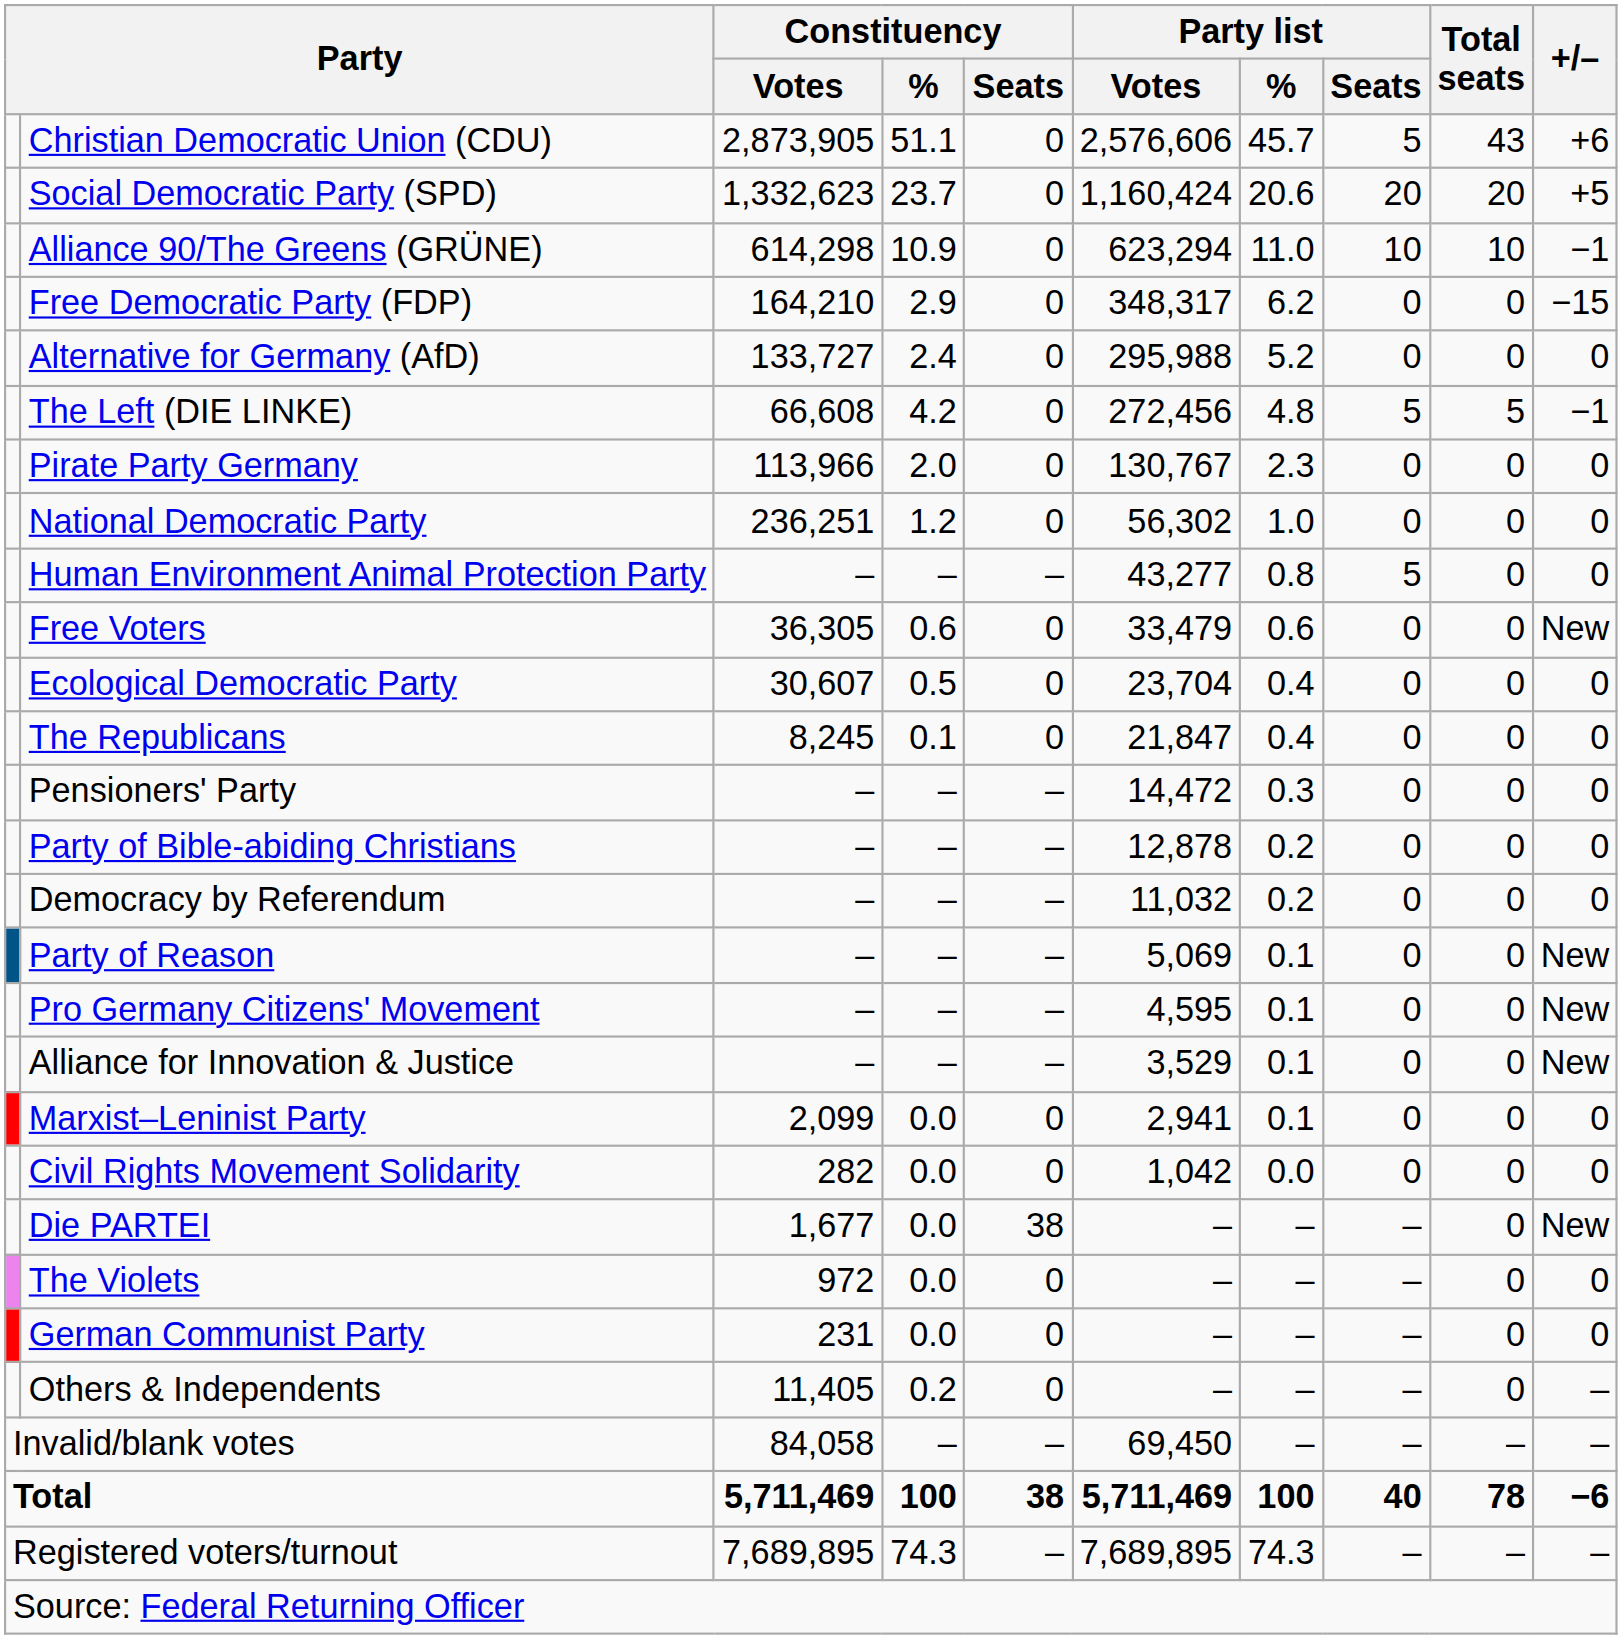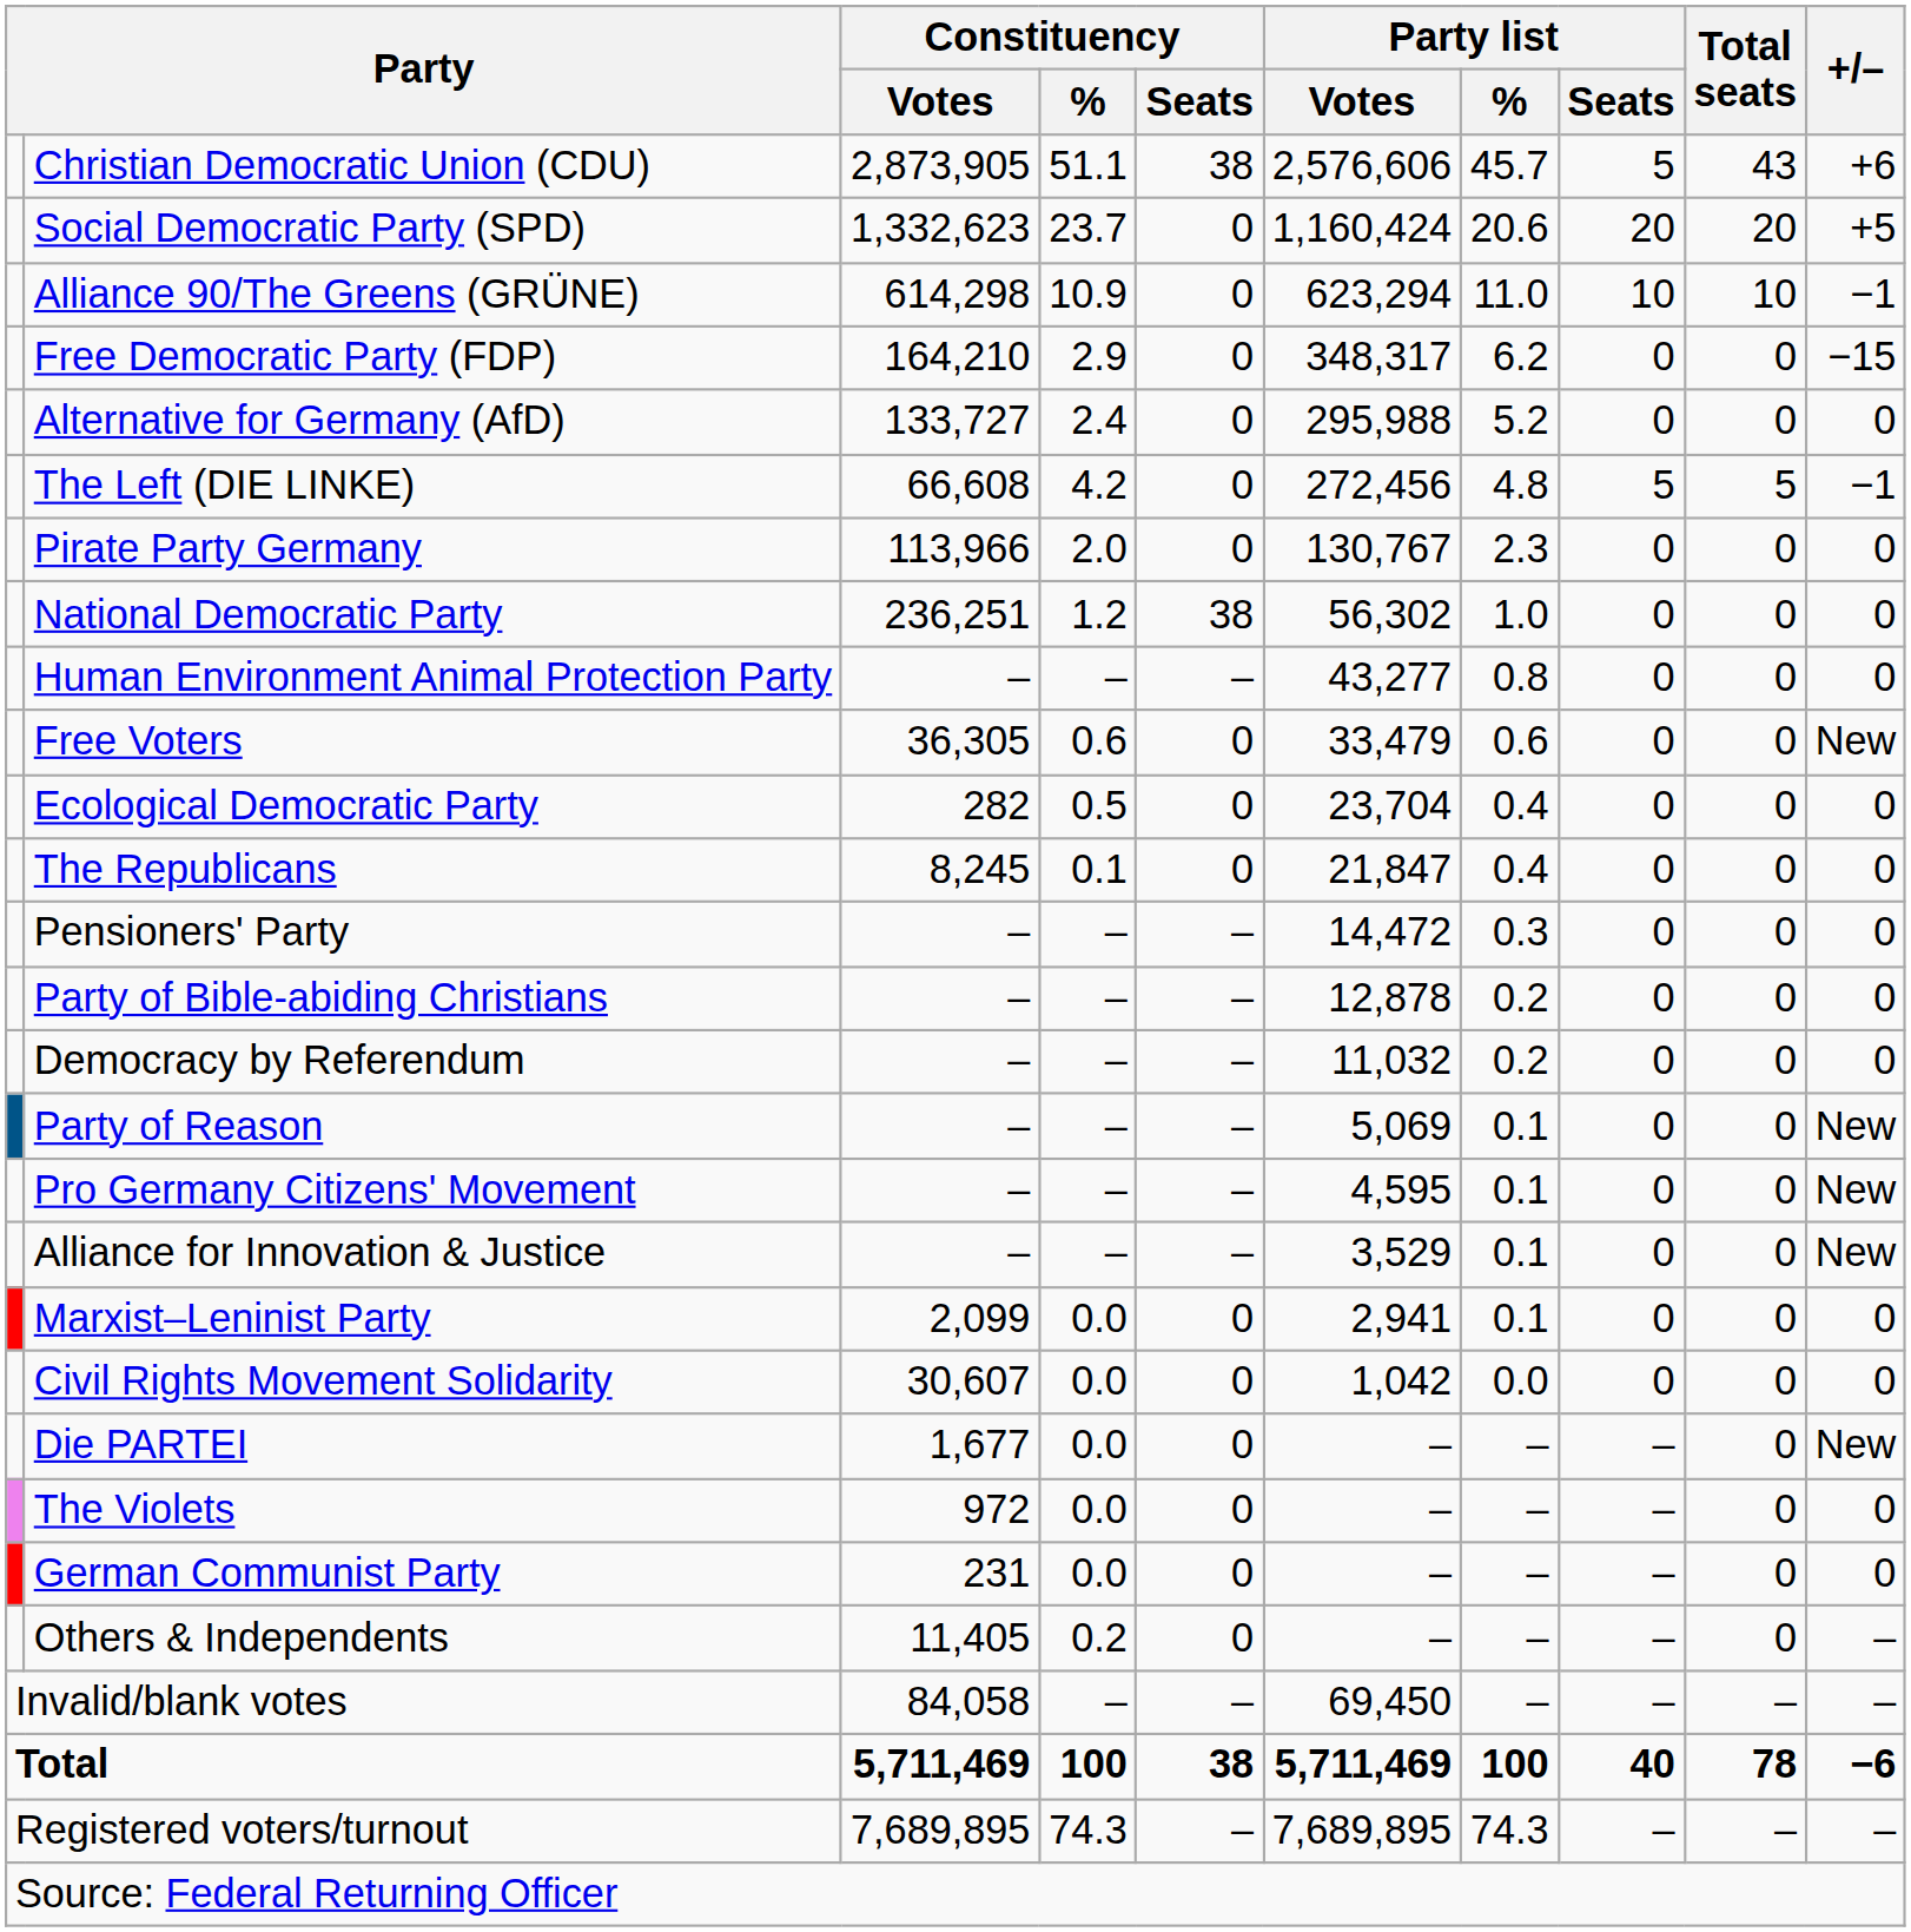 <table class="wikitable" style="text-align:right">
 <tr>
 <th colspan="2" rowspan="2">Party</th>
 <th colspan="3">Constituency</th>
 <th colspan="3">Party list</th>
 <th rowspan="2">Total<br>seats</th>
 <th rowspan="2">+/–</th>
 </tr>
 <tr>
 <th>Votes</th>
 <th>%</th>
 <th>Seats</th>
 <th>Votes</th>
 <th>%</th>
 <th>Seats</th>
 </tr>
 <tr>
 <td></td>
 <td align="left"><a href='#'>Christian Democratic Union</a> (CDU)</td>
 <td>2,873,905</td>
 <td>51.1</td>
-<td>0</td>
+<td>38</td>
 <td>2,576,606</td>
 <td>45.7</td>
 <td>5</td>
 <td>43</td>
 <td>+6</td>
 </tr>
 <tr>
 <td></td>
 <td align="left"><a href='#'>Social Democratic Party</a> (SPD)</td>
 <td>1,332,623</td>
 <td>23.7</td>
 <td>0</td>
 <td>1,160,424</td>
 <td>20.6</td>
 <td>20</td>
 <td>20</td>
 <td>+5</td>
 </tr>
 <tr>
 <td></td>
 <td align="left"><a href='#'>Alliance 90/The Greens</a> (GRÜNE)</td>
 <td>614,298</td>
 <td>10.9</td>
 <td>0</td>
 <td>623,294</td>
 <td>11.0</td>
 <td>10</td>
 <td>10</td>
 <td>−1</td>
 </tr>
 <tr>
 <td></td>
 <td align="left"><a href='#'>Free Democratic Party</a> (FDP)</td>
 <td>164,210</td>
 <td>2.9</td>
 <td>0</td>
 <td>348,317</td>
 <td>6.2</td>
 <td>0</td>
 <td>0</td>
 <td>−15</td>
 </tr>
 <tr>
 <td></td>
 <td align="left"><a href='#'>Alternative for Germany</a> (AfD)</td>
 <td>133,727</td>
 <td>2.4</td>
 <td>0</td>
 <td>295,988</td>
 <td>5.2</td>
 <td>0</td>
 <td>0</td>
 <td>0</td>
 </tr>
 <tr>
 <td></td>
 <td align="left"><a href='#'>The Left</a> (DIE LINKE)</td>
 <td>66,608</td>
 <td>4.2</td>
 <td>0</td>
 <td>272,456</td>
 <td>4.8</td>
 <td>5</td>
 <td>5</td>
 <td>−1</td>
 </tr>
 <tr>
 <td style="background-color:"></td>
 <td align="left"><a href='#'>Pirate Party Germany</a></td>
 <td>113,966</td>
 <td>2.0</td>
 <td>0</td>
 <td>130,767</td>
 <td>2.3</td>
 <td>0</td>
 <td>0</td>
 <td>0</td>
 </tr>
 <tr>
 <td style="background-color:"></td>
 <td align="left"><a href='#'>National Democratic Party</a></td>
 <td>236,251</td>
 <td>1.2</td>
-<td>0</td>
+<td>38</td>
 <td>56,302</td>
 <td>1.0</td>
 <td>0</td>
 <td>0</td>
 <td>0</td>
 </tr>
 <tr>
 <td style="background-color:"></td>
 <td align="left"><a href='#'>Human Environment Animal Protection Party</a></td>
 <td>–</td>
 <td>–</td>
 <td>–</td>
 <td>43,277</td>
 <td>0.8</td>
-<td>5</td>
+<td>0</td>
 <td>0</td>
 <td>0</td>
 </tr>
 <tr>
 <td style="background-color:"></td>
 <td align="left"><a href='#'>Free Voters</a></td>
 <td>36,305</td>
 <td>0.6</td>
 <td>0</td>
 <td>33,479</td>
 <td>0.6</td>
 <td>0</td>
 <td>0</td>
 <td>New</td>
 </tr>
 <tr>
 <td style="background-color:"></td>
 <td align="left"><a href='#'>Ecological Democratic Party</a></td>
-<td>30,607</td>
+<td>282</td>
 <td>0.5</td>
 <td>0</td>
 <td>23,704</td>
 <td>0.4</td>
 <td>0</td>
 <td>0</td>
 <td>0</td>
 </tr>
 <tr>
 <td style="background-color:"></td>
 <td align="left"><a href='#'>The Republicans</a></td>
 <td>8,245</td>
 <td>0.1</td>
 <td>0</td>
 <td>21,847</td>
 <td>0.4</td>
 <td>0</td>
 <td>0</td>
 <td>0</td>
 </tr>
 <tr>
 <td></td>
 <td align="left">Pensioners' Party</td>
 <td>–</td>
 <td>–</td>
 <td>–</td>
 <td>14,472</td>
 <td>0.3</td>
 <td>0</td>
 <td>0</td>
 <td>0</td>
 </tr>
 <tr>
 <td></td>
 <td align="left"><a href='#'>Party of Bible-abiding Christians</a></td>
 <td>–</td>
 <td>–</td>
 <td>–</td>
 <td>12,878</td>
 <td>0.2</td>
 <td>0</td>
 <td>0</td>
 <td>0</td>
 </tr>
 <tr>
 <td></td>
 <td align="left">Democracy by Referendum</td>
 <td>–</td>
 <td>–</td>
 <td>–</td>
 <td>11,032</td>
 <td>0.2</td>
 <td>0</td>
 <td>0</td>
 <td>0</td>
 </tr>
 <tr>
 <td style="background-color:#005488"></td>
 <td align="left"><a href='#'>Party of Reason</a></td>
 <td>–</td>
 <td>–</td>
 <td>–</td>
 <td>5,069</td>
 <td>0.1</td>
 <td>0</td>
 <td>0</td>
 <td>New</td>
 </tr>
 <tr>
 <td></td>
 <td align="left"><a href='#'>Pro Germany Citizens' Movement</a></td>
 <td>–</td>
 <td>–</td>
 <td>–</td>
 <td>4,595</td>
 <td>0.1</td>
 <td>0</td>
 <td>0</td>
 <td>New</td>
 </tr>
 <tr>
 <td></td>
 <td align="left">Alliance for Innovation & Justice</td>
 <td>–</td>
 <td>–</td>
 <td>–</td>
 <td>3,529</td>
 <td>0.1</td>
 <td>0</td>
 <td>0</td>
 <td>New</td>
 </tr>
 <tr>
 <td style="background-color:red"></td>
 <td align="left"><a href='#'>Marxist–Leninist Party</a></td>
 <td>2,099</td>
 <td>0.0</td>
 <td>0</td>
 <td>2,941</td>
 <td>0.1</td>
 <td>0</td>
 <td>0</td>
 <td>0</td>
 </tr>
 <tr>
 <td></td>
 <td align="left"><a href='#'>Civil Rights Movement Solidarity</a></td>
-<td>282</td>
+<td>30,607</td>
 <td>0.0</td>
 <td>0</td>
 <td>1,042</td>
 <td>0.0</td>
 <td>0</td>
 <td>0</td>
 <td>0</td>
 </tr>
 <tr>
 <td style="background-color:"></td>
 <td align="left"><a href='#'>Die PARTEI</a></td>
 <td>1,677</td>
 <td>0.0</td>
-<td>38</td>
+<td>0</td>
 <td>–</td>
 <td>–</td>
 <td>–</td>
 <td>0</td>
 <td>New</td>
 </tr>
 <tr>
 <td style="background-color:#EE82EE"></td>
 <td align="left"><a href='#'>The Violets</a></td>
 <td>972</td>
 <td>0.0</td>
 <td>0</td>
 <td>–</td>
 <td>–</td>
 <td>–</td>
 <td>0</td>
 <td>0</td>
 </tr>
 <tr>
 <td style="background-color:red"></td>
 <td align="left"><a href='#'>German Communist Party</a></td>
 <td>231</td>
 <td>0.0</td>
 <td>0</td>
 <td>–</td>
 <td>–</td>
 <td>–</td>
 <td>0</td>
 <td>0</td>
 </tr>
 <tr>
 <td></td>
 <td align="left">Others & Independents</td>
 <td>11,405</td>
 <td>0.2</td>
 <td>0</td>
 <td>–</td>
 <td>–</td>
 <td>–</td>
 <td>0</td>
 <td>–</td>
 </tr>
 <tr>
 <td colspan="2" align="left">Invalid/blank votes</td>
 <td>84,058</td>
 <td>–</td>
 <td>–</td>
 <td>69,450</td>
 <td>–</td>
 <td>–</td>
 <td>–</td>
 <td>–</td>
 </tr>
 <tr>
 <td colspan="2" align="left"><strong>Total</strong></td>
 <td><strong>5,711,469</strong></td>
 <td><strong>100</strong></td>
 <td><strong>38</strong></td>
 <td><strong>5,711,469</strong></td>
 <td><strong>100</strong></td>
 <td><strong>40</strong></td>
 <td><strong>78</strong></td>
 <td><strong>−6</strong></td>
 </tr>
 <tr>
 <td colspan="2" align="left">Registered voters/turnout</td>
 <td>7,689,895</td>
 <td>74.3</td>
 <td>–</td>
 <td>7,689,895</td>
 <td>74.3</td>
 <td>–</td>
 <td>–</td>
 <td>–</td>
 </tr>
 <tr>
 <td colspan="10" align="left">Source: <a href='#'>Federal Returning Officer</a></td>
 </tr>
 </table>
